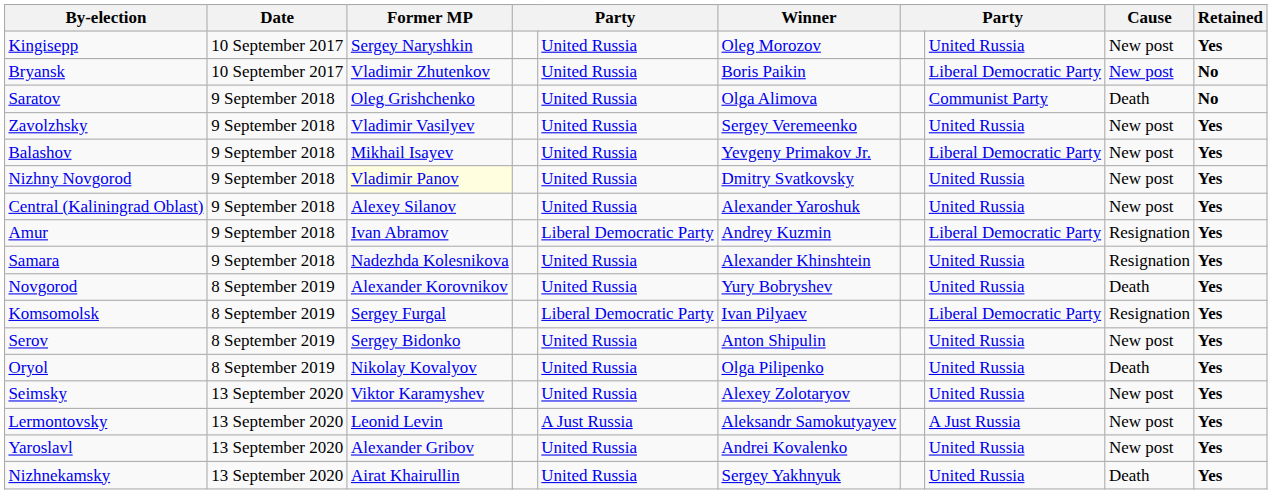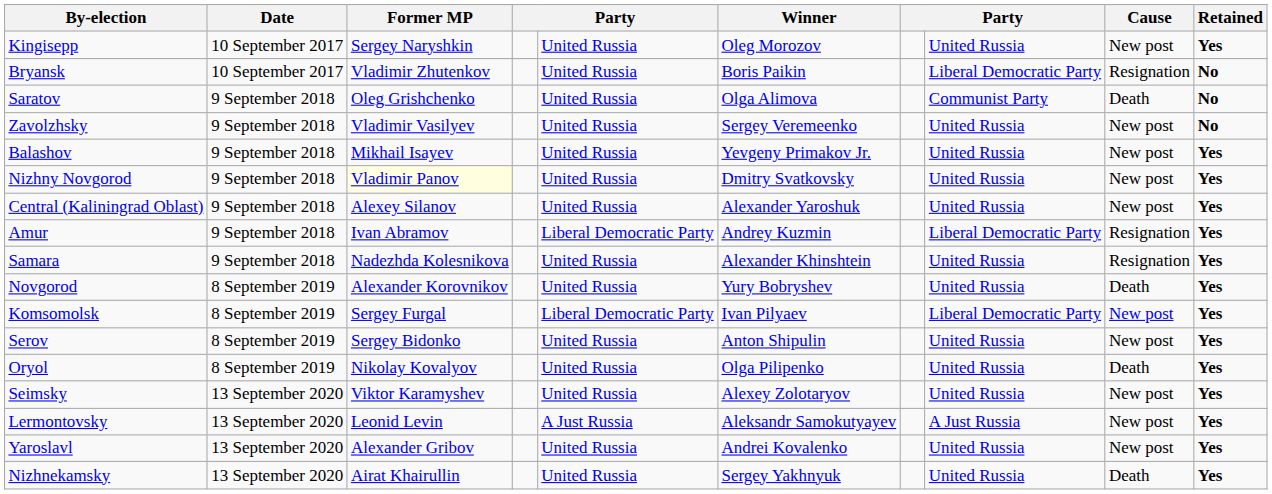 <table class="wikitable">
 <tr>
 <th>By-election</th>
 <th>Date</th>
 <th>Former MP</th>
 <th colspan=2>Party</th>
 <th>Winner</th>
 <th colspan=2>Party</th>
 <th>Cause</th>
 <th>Retained</th>
 </tr>
 <tr>
 <td><a href='#'>Kingisepp</a></td>
 <td>10 September 2017</td>
 <td><a href='#'>Sergey Naryshkin</a></td>
 <td style="background-color:">    </td>
 <td><a href='#'>United Russia</a></td>
 <td><a href='#'>Oleg Morozov</a></td>
 <td style="background-color:">    </td>
 <td><a href='#'>United Russia</a></td>
 <td>New post</td>
 <td><strong>Yes</strong></td>
 </tr>
 <tr>
 <td><a href='#'>Bryansk</a></td>
 <td>10 September 2017</td>
 <td><a href='#'>Vladimir Zhutenkov</a></td>
 <td style="background-color:">    </td>
 <td><a href='#'>United Russia</a></td>
 <td><a href='#'>Boris Paikin</a></td>
 <td style="background-color:">    </td>
 <td><a href='#'>Liberal Democratic Party</a></td>
-<td><a href='#'>New post</a></td>
+<td>Resignation</td>
 <td><strong>No</strong></td>
 </tr>
 <tr>
 <td><a href='#'>Saratov</a></td>
 <td>9 September 2018</td>
 <td><a href='#'>Oleg Grishchenko</a></td>
 <td style="background-color:">    </td>
 <td><a href='#'>United Russia</a></td>
 <td><a href='#'>Olga Alimova</a></td>
 <td style="background-color:">    </td>
 <td><a href='#'>Communist Party</a></td>
 <td>Death</td>
 <td><strong>No</strong></td>
 </tr>
 <tr>
 <td><a href='#'>Zavolzhsky</a></td>
 <td>9 September 2018</td>
 <td><a href='#'>Vladimir Vasilyev</a></td>
 <td style="background-color:">    </td>
 <td><a href='#'>United Russia</a></td>
 <td><a href='#'>Sergey Veremeenko</a></td>
 <td style="background-color:">    </td>
 <td><a href='#'>United Russia</a></td>
 <td>New post</td>
-<td><strong>Yes</strong></td>
+<td><strong>No</strong></td>
 </tr>
 <tr>
 <td><a href='#'>Balashov</a></td>
 <td>9 September 2018</td>
 <td><a href='#'>Mikhail Isayev</a></td>
 <td style="background-color:">    </td>
 <td><a href='#'>United Russia</a></td>
 <td><a href='#'>Yevgeny Primakov Jr.</a></td>
 <td style="background-color:">    </td>
-<td><a href='#'>Liberal Democratic Party</a></td>
+<td><a href='#'>United Russia</a></td>
 <td>New post</td>
 <td><strong>Yes</strong></td>
 </tr>
 <tr>
 <td><a href='#'>Nizhny Novgorod</a></td>
 <td>9 September 2018</td>
 <td style="background: lightyellow;"><a href='#'>Vladimir Panov</a></td>
 <td style="background-color:">    </td>
 <td><a href='#'>United Russia</a></td>
 <td><a href='#'>Dmitry Svatkovsky</a></td>
 <td style="background-color:">    </td>
 <td><a href='#'>United Russia</a></td>
 <td>New post</td>
 <td><strong>Yes</strong></td>
 </tr>
 <tr>
 <td><a href='#'>Central (Kaliningrad Oblast)</a></td>
 <td>9 September 2018</td>
 <td><a href='#'>Alexey Silanov</a></td>
 <td style="background-color:">    </td>
 <td><a href='#'>United Russia</a></td>
 <td><a href='#'>Alexander Yaroshuk</a></td>
 <td style="background-color:">    </td>
 <td><a href='#'>United Russia</a></td>
 <td>New post</td>
 <td><strong>Yes</strong></td>
 </tr>
 <tr>
 <td><a href='#'>Amur</a></td>
 <td>9 September 2018</td>
 <td><a href='#'>Ivan Abramov</a></td>
 <td style="background-color:">    </td>
 <td><a href='#'>Liberal Democratic Party</a></td>
 <td><a href='#'>Andrey Kuzmin</a></td>
 <td style="background-color:">    </td>
 <td><a href='#'>Liberal Democratic Party</a></td>
 <td>Resignation</td>
 <td><strong>Yes</strong></td>
 </tr>
 <tr>
 <td><a href='#'>Samara</a></td>
 <td>9 September 2018</td>
 <td><a href='#'>Nadezhda Kolesnikova</a></td>
 <td style="background-color:">    </td>
 <td><a href='#'>United Russia</a></td>
 <td><a href='#'>Alexander Khinshtein</a></td>
 <td style="background-color:">    </td>
 <td><a href='#'>United Russia</a></td>
 <td>Resignation</td>
 <td><strong>Yes</strong></td>
 </tr>
 <tr>
 <td><a href='#'>Novgorod</a></td>
 <td>8 September 2019</td>
 <td><a href='#'>Alexander Korovnikov</a></td>
 <td style="background-color:">    </td>
 <td><a href='#'>United Russia</a></td>
 <td><a href='#'>Yury Bobryshev</a></td>
 <td style="background-color:">    </td>
 <td><a href='#'>United Russia</a></td>
 <td>Death</td>
 <td><strong>Yes</strong></td>
 </tr>
 <tr>
 <td><a href='#'>Komsomolsk</a></td>
 <td>8 September 2019</td>
 <td><a href='#'>Sergey Furgal</a></td>
 <td style="background-color:">    </td>
 <td><a href='#'>Liberal Democratic Party</a></td>
 <td><a href='#'>Ivan Pilyaev</a></td>
 <td style="background-color:">    </td>
 <td><a href='#'>Liberal Democratic Party</a></td>
-<td>Resignation</td>
+<td><a href='#'>New post</a></td>
 <td><strong>Yes</strong></td>
 </tr>
 <tr>
 <td><a href='#'>Serov</a></td>
 <td>8 September 2019</td>
 <td><a href='#'>Sergey Bidonko</a></td>
 <td style="background-color:">    </td>
 <td><a href='#'>United Russia</a></td>
 <td><a href='#'>Anton Shipulin</a></td>
 <td style="background-color:">    </td>
 <td><a href='#'>United Russia</a></td>
 <td>New post</td>
 <td><strong>Yes</strong></td>
 </tr>
 <tr>
 <td><a href='#'>Oryol</a></td>
 <td>8 September 2019</td>
 <td><a href='#'>Nikolay Kovalyov</a></td>
 <td style="background-color:">    </td>
 <td><a href='#'>United Russia</a></td>
 <td><a href='#'>Olga Pilipenko</a></td>
 <td style="background-color:">    </td>
 <td><a href='#'>United Russia</a></td>
 <td>Death</td>
 <td><strong>Yes</strong></td>
 </tr>
 <tr>
 <td><a href='#'>Seimsky</a></td>
 <td>13 September 2020</td>
 <td><a href='#'>Viktor Karamyshev</a></td>
 <td style="background-color:">    </td>
 <td><a href='#'>United Russia</a></td>
 <td><a href='#'>Alexey Zolotaryov</a></td>
 <td style="background-color:">    </td>
 <td><a href='#'>United Russia</a></td>
 <td>New post</td>
 <td><strong>Yes</strong></td>
 </tr>
 <tr>
 <td><a href='#'>Lermontovsky</a></td>
 <td>13 September 2020</td>
 <td><a href='#'>Leonid Levin</a></td>
 <td style="background-color:">    </td>
 <td><a href='#'>A Just Russia</a></td>
 <td><a href='#'>Aleksandr Samokutyayev</a></td>
 <td style="background-color:">    </td>
 <td><a href='#'>A Just Russia</a></td>
 <td>New post</td>
 <td><strong>Yes</strong></td>
 </tr>
 <tr>
 <td><a href='#'>Yaroslavl</a></td>
 <td>13 September 2020</td>
 <td><a href='#'>Alexander Gribov</a></td>
 <td style="background-color:">    </td>
 <td><a href='#'>United Russia</a></td>
 <td><a href='#'>Andrei Kovalenko</a></td>
 <td style="background-color:">    </td>
 <td><a href='#'>United Russia</a></td>
 <td>New post</td>
 <td><strong>Yes</strong></td>
 </tr>
 <tr>
 <td><a href='#'>Nizhnekamsky</a></td>
 <td>13 September 2020</td>
 <td><a href='#'>Airat Khairullin</a></td>
 <td style="background-color:">    </td>
 <td><a href='#'>United Russia</a></td>
 <td><a href='#'>Sergey Yakhnyuk</a></td>
 <td style="background-color:">    </td>
 <td><a href='#'>United Russia</a></td>
 <td>Death</td>
 <td><strong>Yes</strong></td>
 </tr>
 </table>
